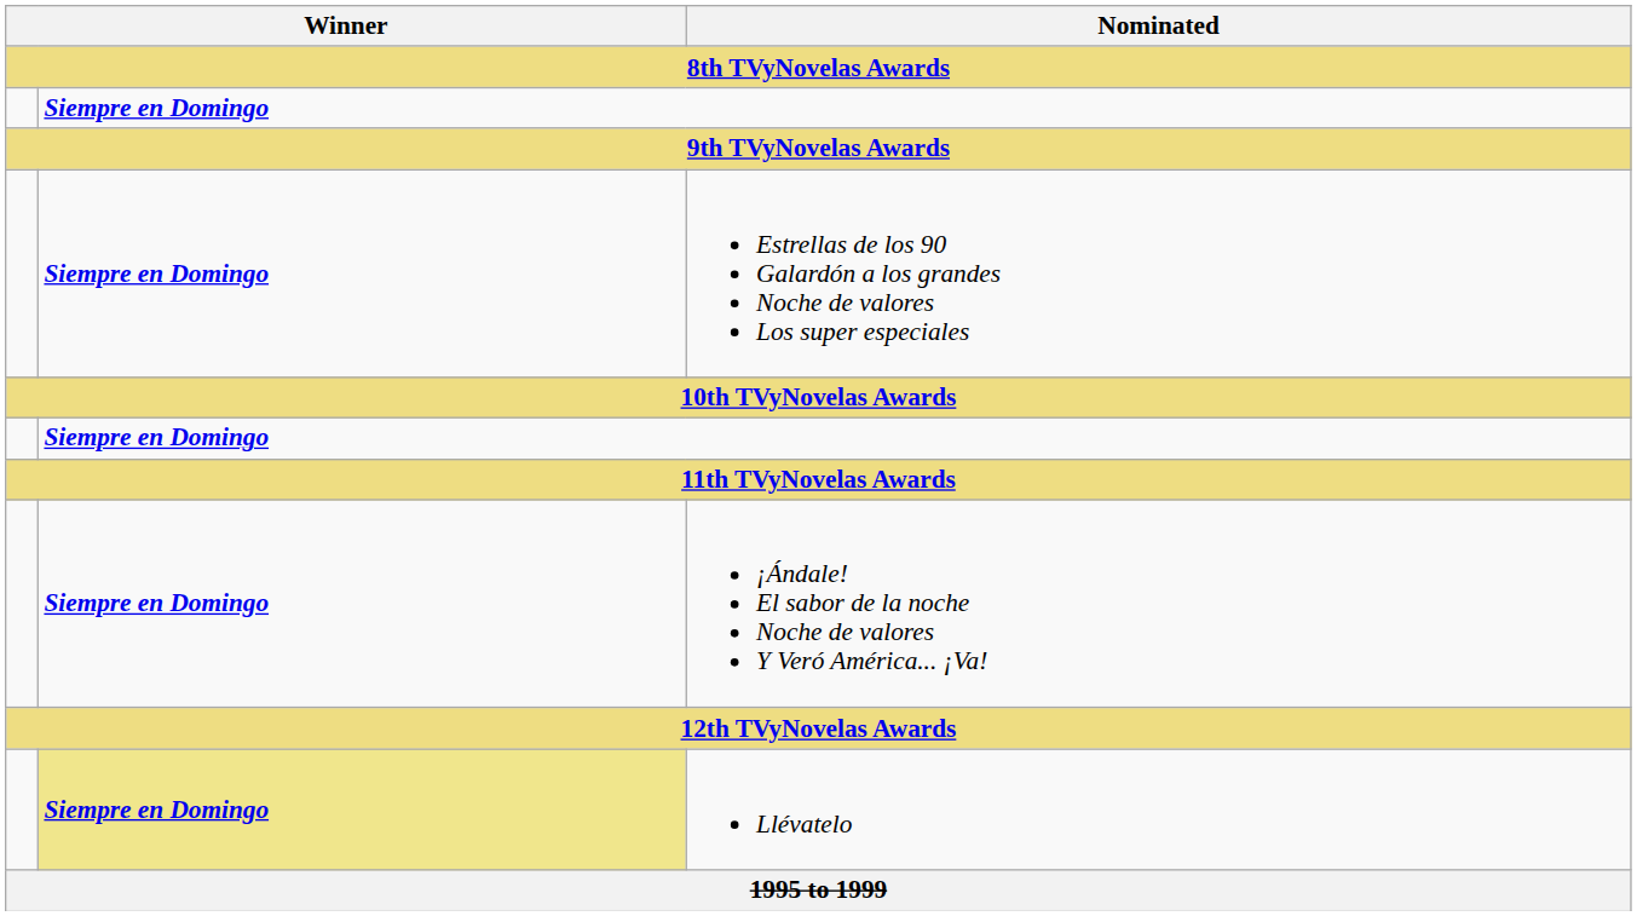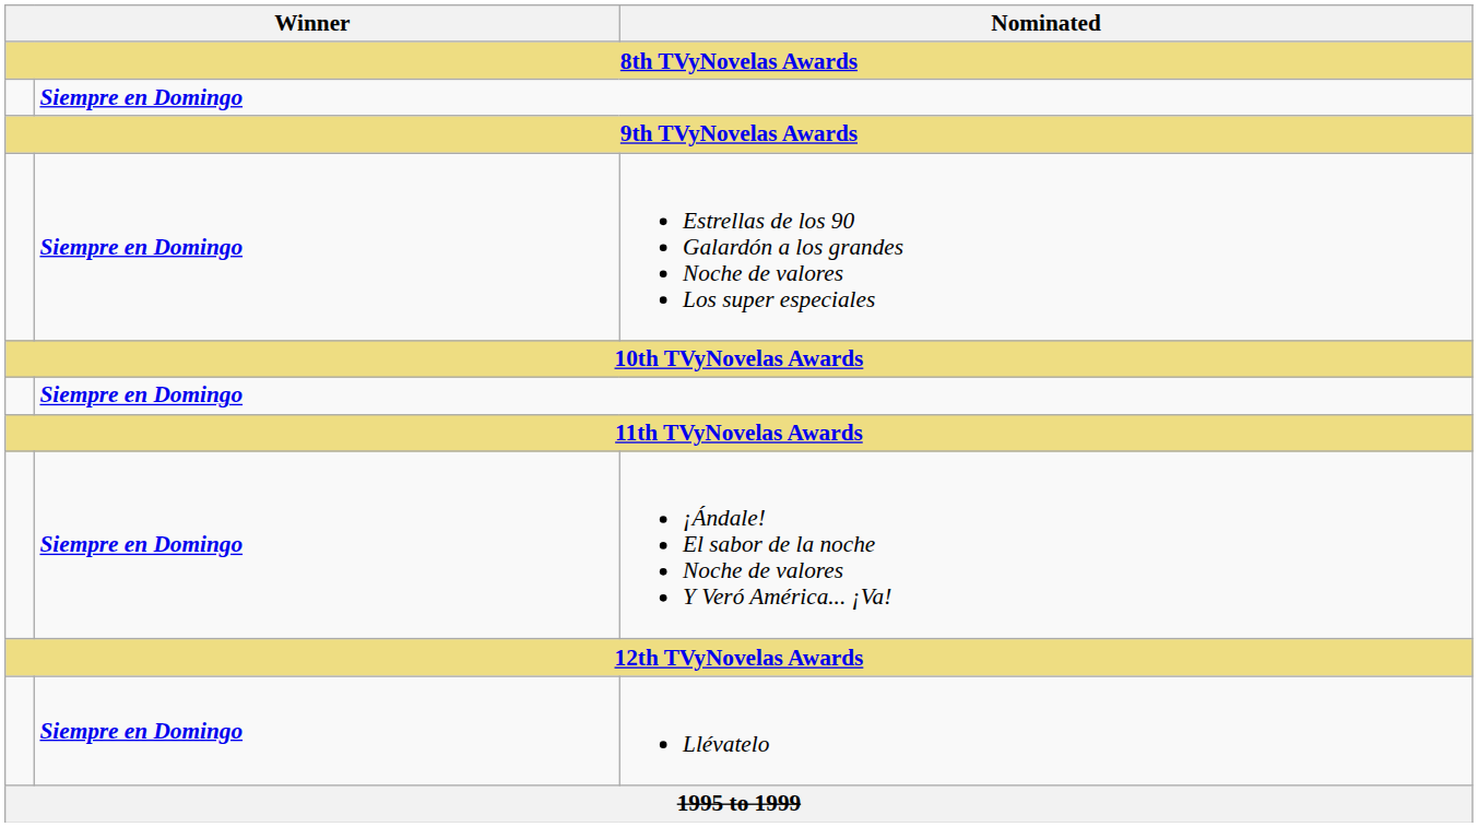 <table class="wikitable" width=80%>
 <tr align=center>
 <th width="150px;" colspan=2; align="center">Winner</th>
 <th width="580px;" align="center">Nominated</th>
 </tr>
 <tr>
 <th colspan=9 style="background:#EEDD82;"  align="center"><strong><a href='#'>8th TVyNovelas Awards</a></strong></th>
 </tr>
 <tr>
 <td width=2%></td>
 <td colspan=2><strong><em><a href='#'>Siempre en Domingo</a></em></strong></td>
 </tr>
 <tr>
 <th colspan=9 style="background:#EEDD82;"  align="center"><strong><a href='#'>9th TVyNovelas Awards</a></strong></th>
 </tr>
 <tr>
 <td width=2%></td>
 <td><strong><em><a href='#'>Siempre en Domingo</a></em></strong></td>
 <td><br><ul><li><em>Estrellas de los 90</em></li><li><em>Galardón a los grandes</em></li><li><em>Noche de valores</em></li><li><em>Los super especiales</em></li></ul></td>
 </tr>
 <tr>
 <th colspan=9 style="background:#EEDD82;"  align="center"><strong><a href='#'>10th TVyNovelas Awards</a></strong></th>
 </tr>
 <tr>
 <td width=2%></td>
 <td colspan=2><strong><em><a href='#'>Siempre en Domingo</a></em></strong></td>
 </tr>
 <tr>
 <th colspan=9 style="background:#EEDD82;"  align="center"><strong><a href='#'>11th TVyNovelas Awards</a></strong></th>
 </tr>
 <tr>
 <td width=2%></td>
 <td><strong><em><a href='#'>Siempre en Domingo</a></em></strong></td>
 <td><br><ul><li><em>¡Ándale!</em></li><li><em>El sabor de la noche</em></li><li><em>Noche de valores</em></li><li><em>Y Veró América... ¡Va!</em></li></ul></td>
 </tr>
 <tr>
 <th colspan=9 style="background:#EEDD82;"  align="center"><strong><a href='#'>12th TVyNovelas Awards</a></strong></th>
 </tr>
 <tr>
 <td width=2%></td>
-<td style="background: khaki;"><strong><em><a href='#'>Siempre en Domingo</a></em></strong></td>
+<td><strong><em><a href='#'>Siempre en Domingo</a></em></strong></td>
 <td><br><ul><li><em>Llévatelo</em></li></ul></td>
 </tr>
 <tr>
 <th colspan=9 align="center"><s>1995 to 1999</s></th>
 </tr>
 </table>
